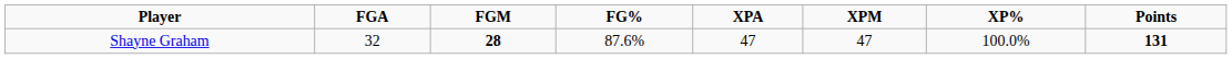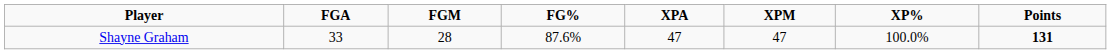 <table class="wikitable" width="80%">
 <tr align="center">
 <td><strong>Player</strong></td>
 <td><strong>FGA</strong></td>
 <td><strong>FGM</strong></td>
 <td><strong>FG%</strong></td>
 <td><strong>XPA</strong></td>
 <td><strong>XPM</strong></td>
 <td><strong>XP%</strong></td>
 <td><strong>Points</strong></td>
 </tr>
 <tr align="center" bgcolor="">
 <td><a href='#'>Shayne Graham</a></td>
-<td>32</td>
-<td><strong>28</strong></td>
+<td>33</td>
+<td>28</td>
 <td>87.6%</td>
 <td>47</td>
 <td>47</td>
 <td>100.0%</td>
 <td><strong>131</strong></td>
 </tr>
 </table>
